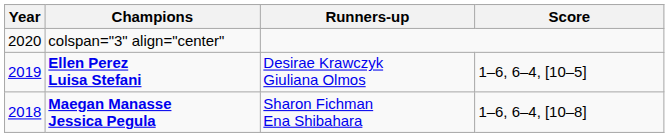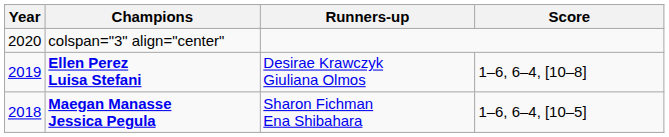 <table class="wikitable" style="font-size:90%">
 <tr>
 <th>Year</th>
 <th width="200">Champions</th>
 <th width="200">Runners-up</th>
 <th width="175">Score</th>
 </tr>
 <tr>
 <td>2020</td>
 <td>colspan="3" align="center" </td>
 </tr>
 <tr>
 <td><a href='#'>2019</a></td>
 <td> <strong><a href='#'>Ellen Perez</a></strong> <br>  <strong><a href='#'>Luisa Stefani</a></strong></td>
 <td> <a href='#'>Desirae Krawczyk</a> <br>  <a href='#'>Giuliana Olmos</a></td>
-<td>1–6, 6–4, [10–5]</td>
+<td>1–6, 6–4, [10–8]</td>
 </tr>
 <tr>
 <td><a href='#'>2018</a></td>
 <td> <strong><a href='#'>Maegan Manasse</a></strong> <br>  <strong><a href='#'>Jessica Pegula</a></strong></td>
 <td> <a href='#'>Sharon Fichman</a> <br>  <a href='#'>Ena Shibahara</a></td>
-<td>1–6, 6–4, [10–8]</td>
+<td>1–6, 6–4, [10–5]</td>
 </tr>
 </table>
